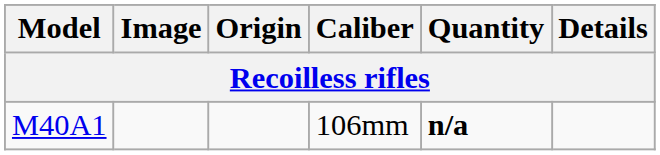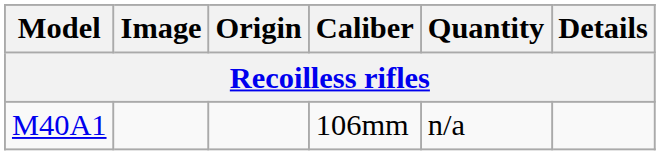 <table class="wikitable">
 <tr>
 <th>Model</th>
 <th>Image</th>
 <th>Origin</th>
 <th>Caliber</th>
 <th>Quantity</th>
 <th>Details</th>
 </tr>
 <tr>
 <th colspan="6"><a href='#'>Recoilless rifles</a></th>
 </tr>
 <tr>
 <td><a href='#'>M40A1</a></td>
 <td></td>
 <td></td>
 <td>106mm</td>
-<td><strong>n/a</strong></td>
+<td>n/a</td>
 <td></td>
 </tr>
 </table>
